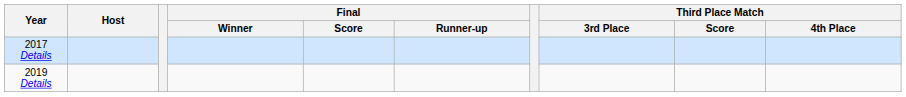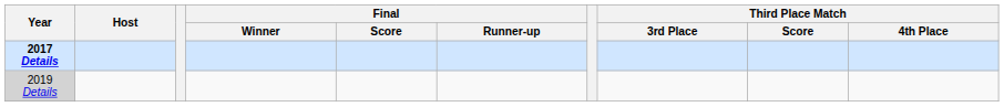 <table class="wikitable" style="font-size: 90%; text-align: center; width: 100%;">
 <tr>
 <th rowspan="2" width="7%">Year</th>
 <th rowspan="2" width="10%">Host</th>
 <th width="1%" rowspan="15"></th>
 <th colspan="3">Final</th>
 <th width="1%" rowspan="15"></th>
 <th colspan="3">Third Place Match</th>
 </tr>
 <tr>
 <th width="15%">Winner</th>
 <th width="10%">Score</th>
 <th width="15%">Runner-up</th>
 <th width="15%">3rd Place</th>
 <th width="10%">Score</th>
 <th width="15%">4th Place</th>
 </tr>
 <tr style="background: #D0E6FF;">
-<td>2017<br><em><a href='#'>Details</a></em></td>
+<td><strong>2017<br><em><a href='#'>Details</a></em></strong></td>
 <td align=left></td>
 <td><strong></strong></td>
 <td></td>
 <td></td>
 <td></td>
 <td></td>
 <td></td>
 </tr>
 <tr>
-<td>2019<br><em><a href='#'>Details</a></em></td>
+<td style="background: lightgrey;">2019<br><em><a href='#'>Details</a></em></td>
 <td align=left></td>
 <td><strong></strong></td>
 <td></td>
 <td></td>
 <td></td>
 <td></td>
 <td></td>
 </tr>
 </table>
